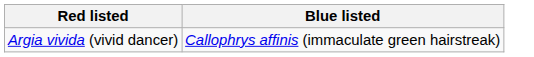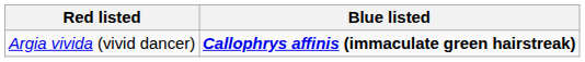 <table class="wikitable">
 <tr>
 <th>Red listed</th>
 <th>Blue listed</th>
 </tr>
 <tr>
 <td><em><a href='#'>Argia vivida</a></em> (vivid dancer)</td>
-<td><em><a href='#'>Callophrys affinis</a></em> (immaculate green hairstreak)</td>
+<td><strong><em><a href='#'>Callophrys affinis</a></em> (immaculate green hairstreak)</strong></td>
 </tr>
 </table>
